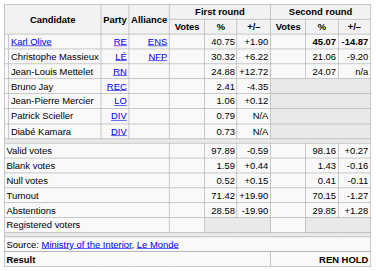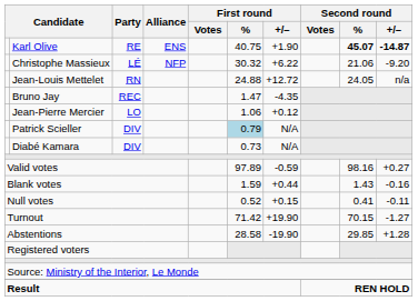 <table class="wikitable" style="text-align:right;font-size:95%;">
 <tr>
 <th rowspan="2" colspan="2">Candidate</th>
 <th rowspan="2">Party</th>
 <th rowspan="2">Alliance</th>
 <th colspan="3">First round</th>
 <th colspan="3">Second round</th>
 </tr>
 <tr>
 <th style="width:50px;">Votes</th>
 <th style="width:45px;">%</th>
 <th style="width:45px;">+/–</th>
 <th style="width:50px;">Votes</th>
 <th style="width:45px;">%</th>
 <th style="width:45px;">+/–</th>
 </tr>
 <tr>
 <td style="color:inherit;background:"></td>
 <td style="text-align:left;"><a href='#'>Karl Olive</a></td>
 <td><a href='#'>RE</a></td>
 <td><a href='#'>ENS</a></td>
 <td></td>
 <td>40.75</td>
 <td>+1.90</td>
 <td><strong> </strong></td>
 <td><strong>45.07 </strong></td>
 <td><strong>-14.87 </strong></td>
 </tr>
 <tr>
 <td style="color:inherit;background:"></td>
 <td style="text-align:left;">Christophe Massieux</td>
 <td><a href='#'>LÉ</a></td>
 <td><a href='#'>NFP</a></td>
 <td></td>
 <td>30.32</td>
 <td>+6.22</td>
 <td></td>
 <td>21.06</td>
 <td>-9.20</td>
 </tr>
 <tr>
 <td style="color:inherit;background:"></td>
 <td style="text-align:left;">Jean-Louis Mettelet</td>
 <td><a href='#'>RN</a></td>
 <td></td>
 <td></td>
 <td>24.88</td>
 <td>+12.72</td>
 <td></td>
-<td>24.07</td>
+<td>24.05</td>
 <td>n/a</td>
 </tr>
 <tr>
 <td style="color:inherit;background:"></td>
 <td style="text-align:left;">Bruno Jay</td>
 <td><a href='#'>REC</a></td>
 <td></td>
 <td></td>
-<td>2.41</td>
+<td>1.47</td>
 <td>-4.35</td>
 <td colspan="3" style="background:#E9E9E9;"></td>
 </tr>
 <tr>
 <td style="color:inherit;background:"></td>
 <td style="text-align:left;">Jean-Pierre Mercier</td>
 <td><a href='#'>LO</a></td>
 <td></td>
 <td></td>
 <td>1.06</td>
 <td>+0.12</td>
 <td colspan="3" style="background:#E9E9E9;"></td>
 </tr>
 <tr>
 <td style="color:inherit;background:"></td>
 <td style="text-align:left;">Patrick Scieller</td>
 <td><a href='#'>DIV</a></td>
 <td></td>
 <td></td>
-<td>0.79</td>
+<td style="background: lightblue;">0.79</td>
 <td>N/A</td>
 <td colspan="3" style="background:#E9E9E9;"></td>
 </tr>
 <tr>
 <td style="color:inherit;background:"></td>
 <td style="text-align:left;">Diabé Kamara</td>
 <td><a href='#'>DIV</a></td>
 <td></td>
 <td></td>
 <td>0.73</td>
 <td>N/A</td>
 <td colspan="3" style="background:#E9E9E9;"></td>
 </tr>
 <tr>
 <td colspan="10" style="background:#E9E9E9;"></td>
 </tr>
 <tr>
 <td colspan="4" style="text-align:left;">Valid votes</td>
 <td></td>
 <td>97.89</td>
 <td>-0.59</td>
 <td></td>
 <td>98.16</td>
 <td>+0.27</td>
 </tr>
 <tr>
 <td colspan="4" style="text-align:left;">Blank votes</td>
 <td></td>
 <td>1.59</td>
 <td>+0.44</td>
 <td></td>
 <td>1.43</td>
 <td>-0.16</td>
 </tr>
 <tr>
 <td colspan="4" style="text-align:left;">Null votes</td>
 <td></td>
 <td>0.52</td>
 <td>+0.15</td>
 <td></td>
 <td>0.41</td>
 <td>-0.11</td>
 </tr>
 <tr>
 <td colspan="4" style="text-align:left;">Turnout</td>
 <td></td>
 <td>71.42</td>
 <td>+19.90</td>
 <td></td>
 <td>70.15</td>
 <td>-1.27</td>
 </tr>
 <tr>
 <td colspan="4" style="text-align:left;">Abstentions</td>
 <td></td>
 <td>28.58</td>
 <td>-19.90</td>
 <td></td>
 <td>29.85</td>
 <td>+1.28</td>
 </tr>
 <tr>
 <td colspan="4" style="text-align:left;">Registered voters</td>
 <td></td>
 <td colspan="2" style="background:#E9E9E9;"></td>
 <td></td>
 <td colspan="2" style="background:#E9E9E9;"></td>
 </tr>
 <tr>
 <td colspan="10" style="background:#E9E9E9;"></td>
 </tr>
 <tr>
 <td colspan="10" style="text-align:left;">Source: <a href='#'>Ministry of the Interior</a>, <a href='#'>Le Monde</a></td>
 </tr>
 <tr>
 </tr>
 <tr style="font-weight:bold">
 <td colspan="7" style="text-align:left;">Result</td>
 <td colspan="7" style="background-color:">REN HOLD</td>
 </tr>
 </table>
